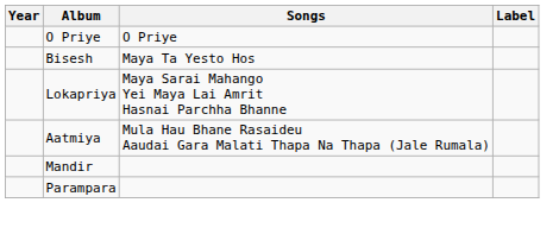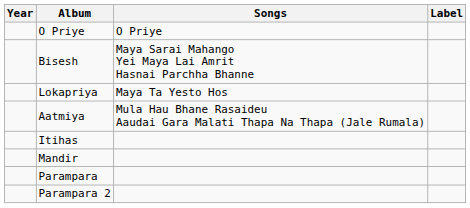 <table class="wikitable sortable">
 <tr>
 <th>Year</th>
 <th>Album</th>
 <th>Songs</th>
 <th>Label</th>
 </tr>
 <tr>
 <td></td>
 <td>O Priye</td>
 <td>O Priye</td>
 <td></td>
 </tr>
 <tr>
 <td></td>
 <td>Bisesh</td>
-<td>Maya Ta Yesto Hos</td>
+<td>Maya Sarai Mahango<br>Yei Maya Lai Amrit<br>Hasnai Parchha Bhanne</td>
 <td></td>
 </tr>
 <tr>
 <td></td>
 <td>Lokapriya</td>
-<td>Maya Sarai Mahango<br>Yei Maya Lai Amrit<br>Hasnai Parchha Bhanne</td>
+<td>Maya Ta Yesto Hos</td>
 <td></td>
 </tr>
 <tr>
 <td></td>
 <td>Aatmiya</td>
 <td>Mula Hau Bhane Rasaideu<br>Aaudai Gara Malati Thapa Na Thapa (Jale Rumala)</td>
+<td></td>
+</tr>
+<tr>
+<td></td>
+<td>Itihas</td>
+<td></td>
 <td></td>
 </tr>
 <tr>
 <td></td>
 <td>Mandir</td>
 <td></td>
 <td></td>
 </tr>
 <tr>
 <td></td>
 <td>Parampara</td>
 <td></td>
 <td></td>
 </tr>
+<tr>
+<td></td>
+<td>Parampara 2</td>
+<td></td>
+<td></td>
+</tr>
 </table>
